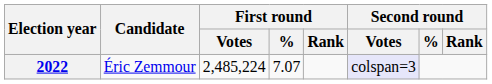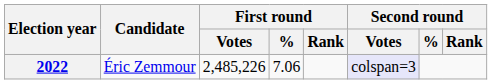 <table class="wikitable">
 <tr>
 <th rowspan="2">Election year</th>
 <th rowspan="2">Candidate</th>
 <th colspan="3">First round</th>
 <th colspan="3">Second round</th>
 </tr>
 <tr>
 <th>Votes</th>
 <th>%</th>
 <th>Rank</th>
 <th>Votes</th>
 <th>%</th>
 <th>Rank</th>
 </tr>
 <tr>
 <th><a href='#'>2022</a></th>
 <td><a href='#'>Éric Zemmour</a></td>
-<td>2,485,224</td>
-<td>7.07</td>
+<td>2,485,226</td>
+<td>7.06</td>
 <td></td>
 <td style="background: lavender;">colspan=3 </td>
 </tr>
 </table>
